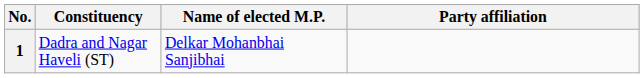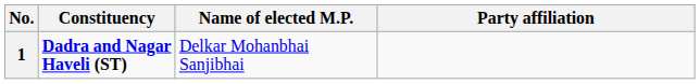 <table class="wikitable">
 <tr style="background:#ccc; text-align:center;">
 <th>No.</th>
 <th style="width:120px">Constituency</th>
 <th style="width:180px">Name of elected M.P.</th>
 <th colspan="2" style="width:18em">Party affiliation</th>
 </tr>
 <tr>
 <th>1</th>
-<td><a href='#'>Dadra and Nagar Haveli</a> (ST)</td>
+<td><strong><a href='#'>Dadra and Nagar Haveli</a> (ST)</strong></td>
 <td><a href='#'>Delkar Mohanbhai Sanjibhai</a></td>
 <td></td>
 </tr>
 </table>
